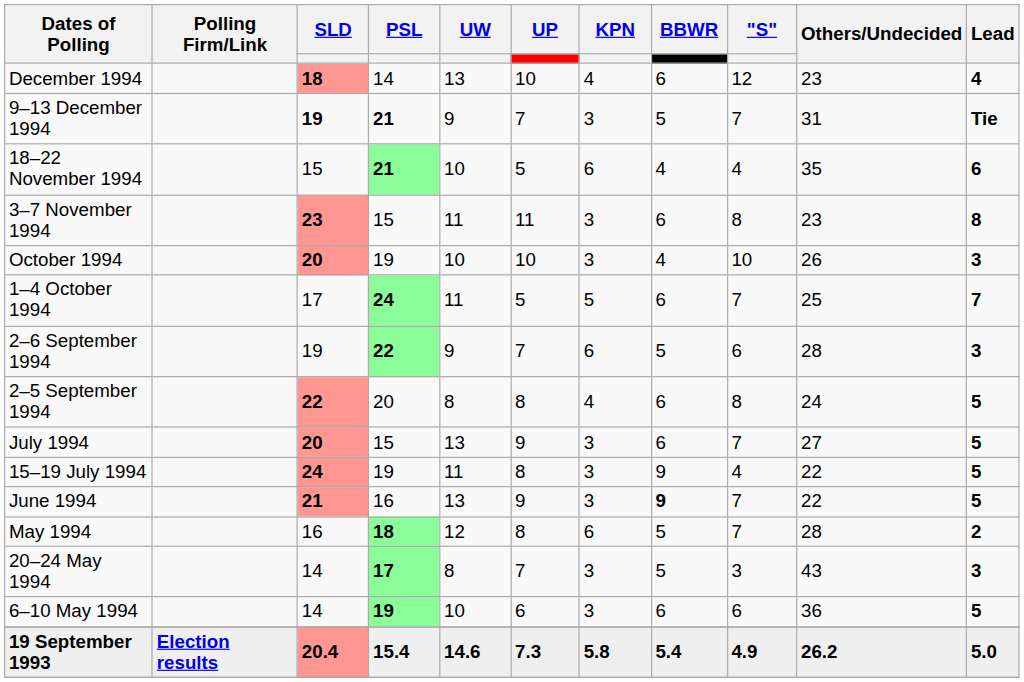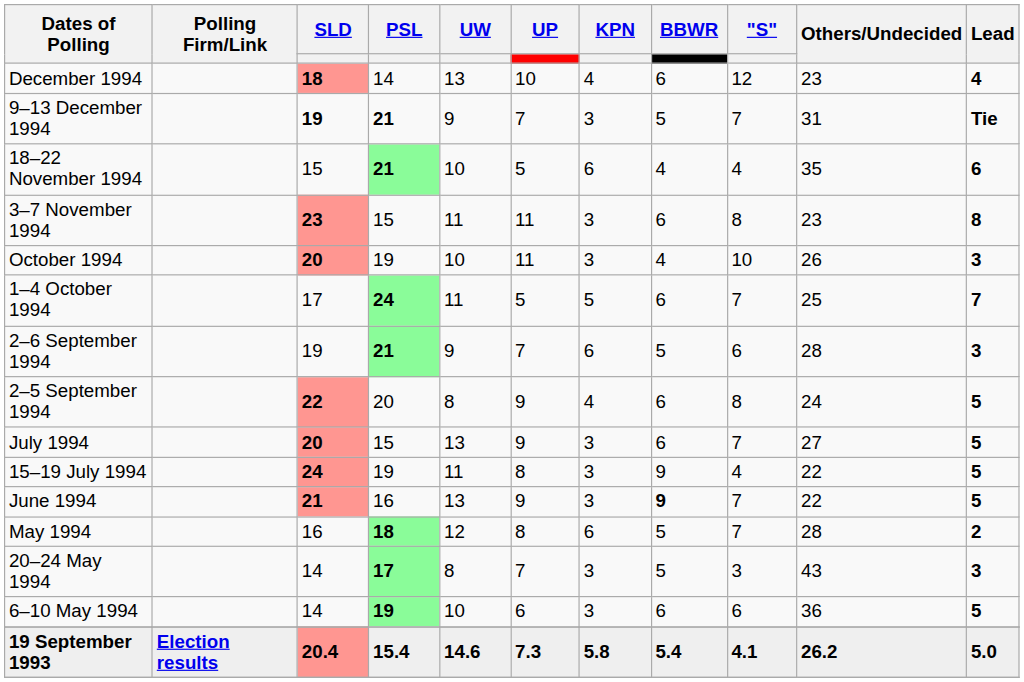 <table class="wikitable sortable collapsible">
 <tr style="height:42px; text-align:center; background-color:#E9E9E9">
 <th rowspan="2" data-sort-type="date" style="width:130px;">Dates of Polling</th>
 <th rowspan="2" style="width:130px;">Polling Firm/Link</th>
 <th style="width:60px;" class="unsortable"><a href='#'>SLD</a></th>
 <th style="width:60px;" class="unsortable"><a href='#'>PSL</a></th>
 <th style="width:60px;" class="unsortable"><a href='#'>UW</a></th>
 <th style="width:60px;" class="unsortable"><a href='#'>UP</a></th>
 <th style="width:60px;" class="unsortable"><a href='#'>KPN</a></th>
 <th style="width:60px;" class="unsortable"><a href='#'>BBWR</a></th>
 <th style="width:60px;" class="unsortable"><a href='#'>"S"</a></th>
 <th rowspan="2" data-sort-type="number" style="width:40px;">Others/Undecided</th>
 <th rowspan="2" data-sort-type="number" style="width:30px;">Lead</th>
 </tr>
 <tr>
 <th data-sort-type="number" style="height:1px; background:"></th>
 <th data-sort-type="number" style="height:1px; background:"></th>
 <th data-sort-type="number" style="height:1px; background:"></th>
 <th data-sort-type="number" style="height:1px; background:Red;"></th>
 <th data-sort-type="number" style="height:1px; background:"></th>
 <th data-sort-type="number" style="height:1px; background:Black;"></th>
 <th data-sort-type="number" style="height:1px; background:"></th>
 </tr>
 <tr>
 <td>December 1994</td>
 <td></td>
 <td style="background:#FF9691"><strong>18</strong></td>
 <td>14</td>
 <td>13</td>
 <td>10</td>
 <td>4</td>
 <td>6</td>
 <td>12</td>
 <td>23</td>
 <td style="background:"><strong>4</strong></td>
 </tr>
 <tr>
 <td>9–13 December 1994</td>
 <td></td>
 <td><strong>19</strong></td>
 <td><strong>21</strong></td>
 <td>9</td>
 <td>7</td>
 <td>3</td>
 <td>5</td>
 <td>7</td>
 <td>31</td>
 <td><strong>Tie</strong></td>
 </tr>
 <tr>
 <td>18–22 November 1994</td>
 <td></td>
 <td>15</td>
 <td style="background:#8AFC99; color:black;"><strong>21</strong></td>
 <td>10</td>
 <td>5</td>
 <td>6</td>
 <td>4</td>
 <td>4</td>
 <td>35</td>
 <td style="background:"><strong>6</strong></td>
 </tr>
 <tr>
 <td>3–7 November 1994</td>
 <td></td>
 <td style="background:#FF9691"><strong>23</strong></td>
 <td>15</td>
 <td>11</td>
 <td>11</td>
 <td>3</td>
 <td>6</td>
 <td>8</td>
 <td>23</td>
 <td style="background:"><strong>8</strong></td>
 </tr>
 <tr>
 <td>October 1994</td>
 <td></td>
 <td style="background:#FF9691"><strong>20</strong></td>
 <td>19</td>
 <td>10</td>
-<td>10</td>
+<td>11</td>
 <td>3</td>
 <td>4</td>
 <td>10</td>
 <td>26</td>
 <td style="background:"><strong>3</strong></td>
 </tr>
 <tr>
 <td>1–4 October 1994</td>
 <td></td>
 <td>17</td>
 <td style="background:#8AFC99; color:black;"><strong>24</strong></td>
 <td>11</td>
 <td>5</td>
 <td>5</td>
 <td>6</td>
 <td>7</td>
 <td>25</td>
 <td style="background:"><strong>7</strong></td>
 </tr>
 <tr>
 <td>2–6 September 1994</td>
 <td></td>
 <td>19</td>
-<td style="background:#8AFC99; color:black;"><strong>22</strong></td>
+<td style="background:#8AFC99; color:black;"><strong>21</strong></td>
 <td>9</td>
 <td>7</td>
 <td>6</td>
 <td>5</td>
 <td>6</td>
 <td>28</td>
 <td style="background:"><strong>3</strong></td>
 </tr>
 <tr>
 <td>2–5 September 1994</td>
 <td></td>
 <td style="background:#FF9691"><strong>22</strong></td>
 <td>20</td>
 <td>8</td>
-<td>8</td>
+<td>9</td>
 <td>4</td>
 <td>6</td>
 <td>8</td>
 <td>24</td>
 <td style="background:"><strong>5</strong></td>
 </tr>
 <tr>
 <td>July 1994</td>
 <td></td>
 <td style="background:#FF9691"><strong>20</strong></td>
 <td>15</td>
 <td>13</td>
 <td>9</td>
 <td>3</td>
 <td>6</td>
 <td>7</td>
 <td>27</td>
 <td style="background:"><strong>5</strong></td>
 </tr>
 <tr>
 <td>15–19 July 1994</td>
 <td></td>
 <td style="background:#FF9691"><strong>24</strong></td>
 <td>19</td>
 <td>11</td>
 <td>8</td>
 <td>3</td>
 <td>9</td>
 <td>4</td>
 <td>22</td>
 <td style="background:"><strong>5</strong></td>
 </tr>
 <tr>
 <td>June 1994</td>
 <td></td>
 <td style="background:#FF9691"><strong>21</strong></td>
 <td>16</td>
 <td>13</td>
 <td>9</td>
 <td>3</td>
 <td><strong>9</strong></td>
 <td>7</td>
 <td>22</td>
 <td style="background:"><strong>5</strong></td>
 </tr>
 <tr>
 <td>May 1994</td>
 <td></td>
 <td>16</td>
 <td style="background:#8AFC99; color:black;"><strong>18</strong></td>
 <td>12</td>
 <td>8</td>
 <td>6</td>
 <td>5</td>
 <td>7</td>
 <td>28</td>
 <td style="background:"><strong>2</strong></td>
 </tr>
 <tr>
 <td>20–24 May 1994</td>
 <td></td>
 <td>14</td>
 <td style="background:#8AFC99; color:black;"><strong>17</strong></td>
 <td>8</td>
 <td>7</td>
 <td>3</td>
 <td>5</td>
 <td>3</td>
 <td>43</td>
 <td style="background:"><strong>3</strong></td>
 </tr>
 <tr>
 <td>6–10 May 1994</td>
 <td></td>
 <td>14</td>
 <td style="background:#8AFC99; color:black;"><strong>19</strong></td>
 <td>10</td>
 <td>6</td>
 <td>3</td>
 <td>6</td>
 <td>6</td>
 <td>36</td>
 <td style="background:"><strong>5</strong></td>
 </tr>
 <tr>
 </tr>
 <tr style="background:#EFEFEF; font-weight:bold;">
 <td>19 September 1993</td>
 <td><a href='#'>Election results</a></td>
 <td style="background:#FF9691">20.4</td>
 <td>15.4</td>
 <td>14.6</td>
 <td>7.3</td>
 <td>5.8</td>
 <td>5.4</td>
-<td>4.9</td>
+<td>4.1</td>
 <td>26.2</td>
 <td style="background:"><strong>5.0</strong></td>
 </tr>
 <tr>
 </tr>
 </table>
